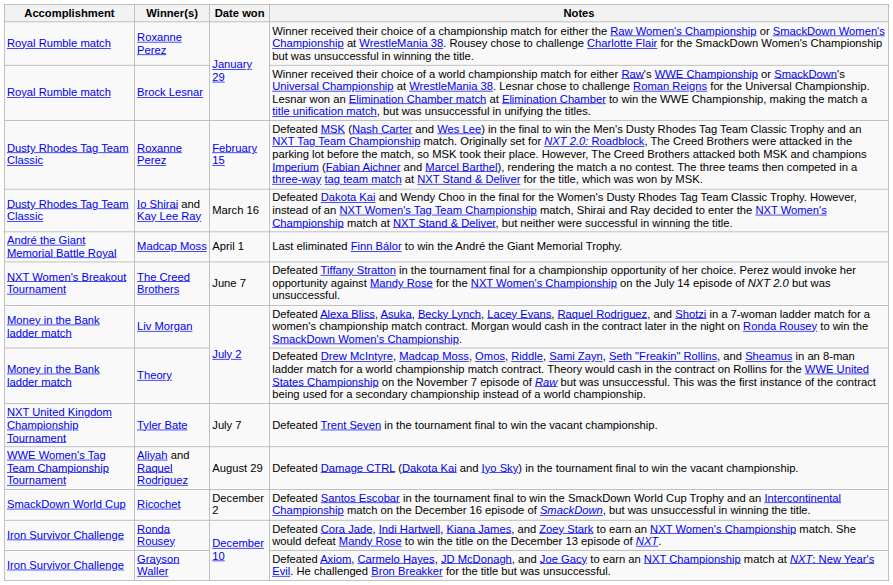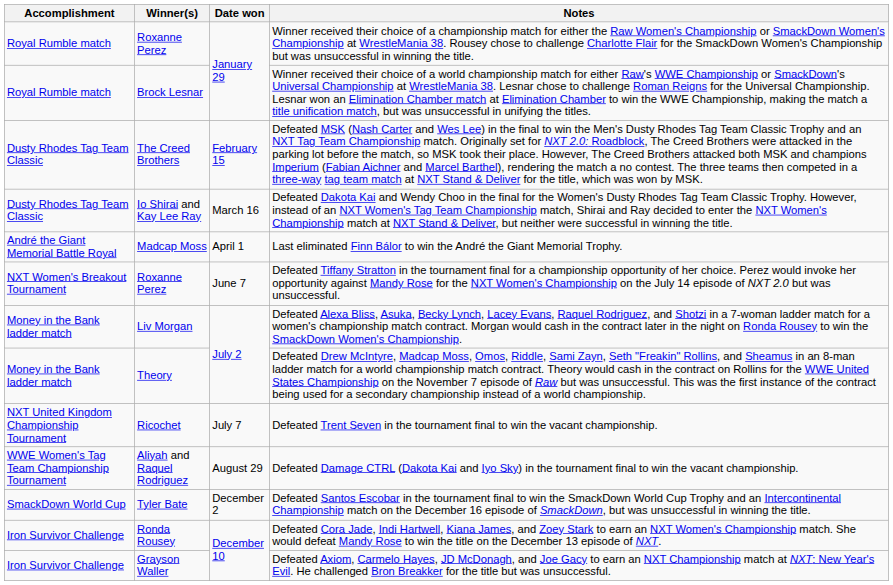 <table class="wikitable" style="width:100%;">
 <tr>
 <th>Accomplishment</th>
 <th>Winner(s)</th>
 <th>Date won</th>
 <th>Notes</th>
 </tr>
 <tr>
 <td><a href='#'>Royal Rumble match</a><br></td>
 <td><a href='#'>Roxanne Perez</a></td>
 <td rowspan=2><a href='#'>January 29</a></td>
 <td>Winner received their choice of a championship match for either the <a href='#'>Raw Women's Championship</a> or <a href='#'>SmackDown Women's Championship</a> at <a href='#'>WrestleMania 38</a>. Rousey chose to challenge <a href='#'>Charlotte Flair</a> for the SmackDown Women's Championship but was unsuccessful in winning the title.</td>
 </tr>
 <tr>
 <td><a href='#'>Royal Rumble match</a><br></td>
 <td><a href='#'>Brock Lesnar</a></td>
 <td>Winner received their choice of a world championship match for either <a href='#'>Raw</a>'s <a href='#'>WWE Championship</a> or <a href='#'>SmackDown</a>'s <a href='#'>Universal Championship</a> at <a href='#'>WrestleMania 38</a>. Lesnar chose to challenge <a href='#'>Roman Reigns</a> for the Universal Championship. Lesnar won an <a href='#'>Elimination Chamber match</a> at <a href='#'>Elimination Chamber</a> to win the WWE Championship, making the match a <a href='#'>title unification match</a>, but was unsuccessful in unifying the titles.</td>
 </tr>
 <tr>
 <td><a href='#'>Dusty Rhodes Tag Team Classic</a><br></td>
-<td><a href='#'>Roxanne Perez</a></td>
+<td><a href='#'>The Creed Brothers</a><br></td>
 <td><a href='#'>February 15</a></td>
 <td>Defeated <a href='#'>MSK</a> (<a href='#'>Nash Carter</a> and <a href='#'>Wes Lee</a>) in the final to win the Men's Dusty Rhodes Tag Team Classic Trophy and an <a href='#'>NXT Tag Team Championship</a> match. Originally set for <a href='#'><em>NXT 2.0:</em> Roadblock</a>, The Creed Brothers were attacked in the parking lot before the match, so MSK took their place. However, The Creed Brothers attacked both MSK and champions <a href='#'>Imperium</a> (<a href='#'>Fabian Aichner</a> and <a href='#'>Marcel Barthel</a>), rendering the match a no contest. The three teams then competed in a <a href='#'>three-way</a> <a href='#'>tag team match</a> at <a href='#'>NXT Stand & Deliver</a> for the title, which was won by MSK.</td>
 </tr>
 <tr>
 <td><a href='#'>Dusty Rhodes Tag Team Classic</a><br></td>
 <td><a href='#'>Io Shirai</a> and <a href='#'>Kay Lee Ray</a></td>
 <td>March 16</td>
 <td>Defeated <a href='#'>Dakota Kai</a> and Wendy Choo in the final for the Women's Dusty Rhodes Tag Team Classic Trophy. However, instead of an <a href='#'>NXT Women's Tag Team Championship</a> match, Shirai and Ray decided to enter the <a href='#'>NXT Women's Championship</a> match at <a href='#'>NXT Stand & Deliver</a>, but neither were successful in winning the title.</td>
 </tr>
 <tr>
 <td><a href='#'>André the Giant Memorial Battle Royal</a></td>
 <td><a href='#'>Madcap Moss</a></td>
 <td>April 1</td>
 <td>Last eliminated <a href='#'>Finn Bálor</a> to win the André the Giant Memorial Trophy.</td>
 </tr>
 <tr>
 <td><a href='#'>NXT Women's Breakout Tournament</a></td>
-<td><a href='#'>The Creed Brothers</a><br></td>
+<td><a href='#'>Roxanne Perez</a></td>
 <td>June 7</td>
 <td>Defeated <a href='#'>Tiffany Stratton</a> in the tournament final for a championship opportunity of her choice. Perez would invoke her opportunity against <a href='#'>Mandy Rose</a> for the <a href='#'>NXT Women's Championship</a> on the July 14 episode of <em>NXT 2.0</em> but was unsuccessful.</td>
 </tr>
 <tr>
 <td><a href='#'>Money in the Bank ladder match</a><br></td>
 <td><a href='#'>Liv Morgan</a></td>
 <td rowspan=2><a href='#'>July 2</a></td>
 <td>Defeated <a href='#'>Alexa Bliss</a>, <a href='#'>Asuka</a>, <a href='#'>Becky Lynch</a>, <a href='#'>Lacey Evans</a>, <a href='#'>Raquel Rodriguez</a>, and <a href='#'>Shotzi</a> in a 7-woman ladder match for a women's championship match contract. Morgan would cash in the contract later in the night on <a href='#'>Ronda Rousey</a> to win the <a href='#'>SmackDown Women's Championship</a>.</td>
 </tr>
 <tr>
 <td><a href='#'>Money in the Bank ladder match</a><br></td>
 <td><a href='#'>Theory</a></td>
 <td>Defeated <a href='#'>Drew McIntyre</a>, <a href='#'>Madcap Moss</a>, <a href='#'>Omos</a>, <a href='#'>Riddle</a>, <a href='#'>Sami Zayn</a>, <a href='#'>Seth "Freakin" Rollins</a>, and <a href='#'>Sheamus</a> in an 8-man ladder match for a world championship match contract. Theory would cash in the contract on Rollins for the <a href='#'>WWE United States Championship</a> on the November 7 episode of <a href='#'><em>Raw</em></a> but was unsuccessful. This was the first instance of the contract being used for a secondary championship instead of a world championship.</td>
 </tr>
 <tr>
 <td><a href='#'>NXT United Kingdom Championship Tournament</a></td>
-<td><a href='#'>Tyler Bate</a></td>
+<td><a href='#'>Ricochet</a></td>
 <td>July 7<br></td>
 <td>Defeated <a href='#'>Trent Seven</a> in the tournament final to win the vacant championship.</td>
 </tr>
 <tr>
 <td><a href='#'>WWE Women's Tag Team Championship Tournament</a></td>
 <td><a href='#'>Aliyah</a> and <a href='#'>Raquel Rodriguez</a></td>
 <td>August 29</td>
 <td>Defeated <a href='#'>Damage CTRL</a> (<a href='#'>Dakota Kai</a> and <a href='#'>Iyo Sky</a>) in the tournament final to win the vacant championship.</td>
 </tr>
 <tr>
 <td><a href='#'>SmackDown World Cup</a></td>
-<td><a href='#'>Ricochet</a></td>
+<td><a href='#'>Tyler Bate</a></td>
 <td>December 2</td>
 <td>Defeated <a href='#'>Santos Escobar</a> in the tournament final to win the SmackDown World Cup Trophy and an <a href='#'>Intercontinental Championship</a> match on the December 16 episode of <em><a href='#'>SmackDown</a></em>, but was unsuccessful in winning the title.</td>
 </tr>
 <tr>
 <td><a href='#'>Iron Survivor Challenge</a><br></td>
 <td><a href='#'>Ronda Rousey</a></td>
 <td rowspan=2><a href='#'>December 10</a></td>
 <td>Defeated <a href='#'>Cora Jade</a>, <a href='#'>Indi Hartwell</a>, <a href='#'>Kiana James</a>, and <a href='#'>Zoey Stark</a> to earn an <a href='#'>NXT Women's Championship</a> match. She would defeat <a href='#'>Mandy Rose</a> to win the title on the December 13 episode of <em><a href='#'>NXT</a></em>.</td>
 </tr>
 <tr>
 <td><a href='#'>Iron Survivor Challenge</a><br></td>
 <td><a href='#'>Grayson Waller</a></td>
 <td>Defeated <a href='#'>Axiom</a>, <a href='#'>Carmelo Hayes</a>, <a href='#'>JD McDonagh</a>, and <a href='#'>Joe Gacy</a> to earn an <a href='#'>NXT Championship</a> match at <a href='#'><em>NXT</em>: New Year's Evil</a>. He challenged <a href='#'>Bron Breakker</a> for the title but was unsuccessful.</td>
 </tr>
 </table>
